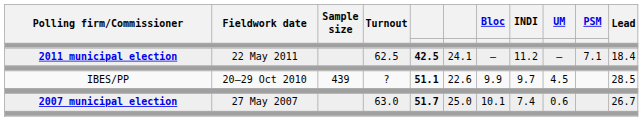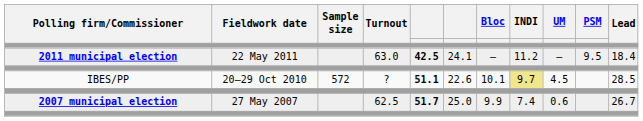 <table class="wikitable collapsible collapsed" style="text-align:center; font-size:95%; line-height:16px;">
 <tr style="height:42px;">
 <th style="width:250px;" rowspan="2">Polling firm/Commissioner</th>
 <th style="width:125px;" rowspan="2">Fieldwork date</th>
 <th style="width:50px;" rowspan="2">Sample size</th>
 <th style="width:45px;" rowspan="2">Turnout</th>
 <th style="width:35px;"></th>
 <th style="width:35px;"></th>
 <th style="width:35px;"><a href='#'>Bloc</a></th>
 <th style="width:35px;">INDI</th>
 <th style="width:35px;"><a href='#'>UM</a></th>
 <th style="width:35px;"><a href='#'>PSM</a></th>
 <th style="width:30px;" rowspan="2">Lead</th>
 </tr>
 <tr>
 <th style="color:inherit;background:"></th>
 <th style="color:inherit;background:"></th>
 <th style="color:inherit;background:"></th>
 <th style="color:inherit;background:"></th>
 <th style="color:inherit;background:"></th>
 <th style="color:inherit;background:"></th>
 </tr>
 <tr>
 <td colspan="11" style="background:#A0A0A0"></td>
 </tr>
 <tr style="background:#EFEFEF;">
 <td><strong><a href='#'>2011 municipal election</a></strong></td>
 <td>22 May 2011</td>
 <td></td>
-<td>62.5</td>
+<td>63.0</td>
 <td><strong>42.5</strong><br></td>
 <td>24.1<br></td>
 <td>–</td>
 <td>11.2<br></td>
 <td>–</td>
-<td>7.1<br></td>
+<td>9.5<br></td>
 <td style="background:">18.4</td>
 </tr>
 <tr>
 <td colspan="11" style="background:#A0A0A0"></td>
 </tr>
 <tr>
 <td>IBES/PP</td>
 <td>20–29 Oct 2010</td>
-<td>439</td>
+<td>572</td>
 <td>?</td>
 <td><strong>51.1</strong><br></td>
 <td>22.6<br></td>
-<td>9.9<br></td>
-<td>9.7<br></td>
+<td>10.1<br></td>
+<td style="background: khaki;">9.7<br></td>
 <td>4.5<br></td>
 <td></td>
 <td style="background:">28.5</td>
 </tr>
 <tr>
 <td colspan="11" style="background:#A0A0A0"></td>
 </tr>
 <tr style="background:#EFEFEF;">
 <td><strong><a href='#'>2007 municipal election</a></strong></td>
 <td>27 May 2007</td>
 <td></td>
-<td>63.0</td>
+<td>62.5</td>
 <td><strong>51.7</strong><br></td>
 <td>25.0<br></td>
-<td>10.1<br></td>
+<td>9.9<br></td>
 <td>7.4<br></td>
 <td>0.6<br></td>
 <td></td>
 <td style="background:">26.7</td>
 </tr>
 <tr>
 <td colspan="11" style="background:#A0A0A0"></td>
 </tr>
 </table>
